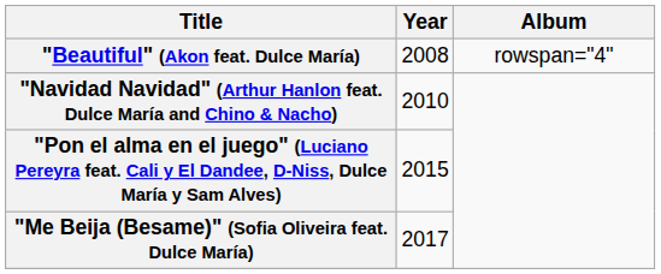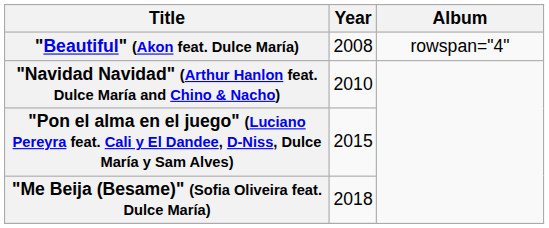 <table class="wikitable plainrowheaders" style="text-align:center;">
 <tr>
 <th scope="col" style="width:18em;">Title</th>
 <th scope="col" style="width:1em;">Year</th>
 <th scope="col" style="width:9em;">Album</th>
 </tr>
 <tr>
 <th scope="row">"<a href='#'>Beautiful</a>" <small>(<a href='#'>Akon</a> feat. Dulce María)</small></th>
 <td>2008</td>
 <td>rowspan="4" </td>
 </tr>
 <tr>
 <th scope="row">"Navidad Navidad" <small>(<a href='#'>Arthur Hanlon</a> feat. Dulce María and <a href='#'>Chino & Nacho</a>)</small></th>
 <td>2010</td>
 </tr>
 <tr>
 <th scope="row">"Pon el alma en el juego" <small>(<a href='#'>Luciano Pereyra</a> feat. <a href='#'>Cali y El Dandee</a>, <a href='#'>D-Niss</a>, Dulce María y Sam Alves)</small></th>
 <td>2015</td>
 </tr>
 <tr>
 <th scope="row">"Me Beija (Besame)" <small>(Sofia Oliveira feat. Dulce María)</small></th>
-<td>2017</td>
+<td>2018</td>
 </tr>
 <tr>
 </tr>
 </table>
